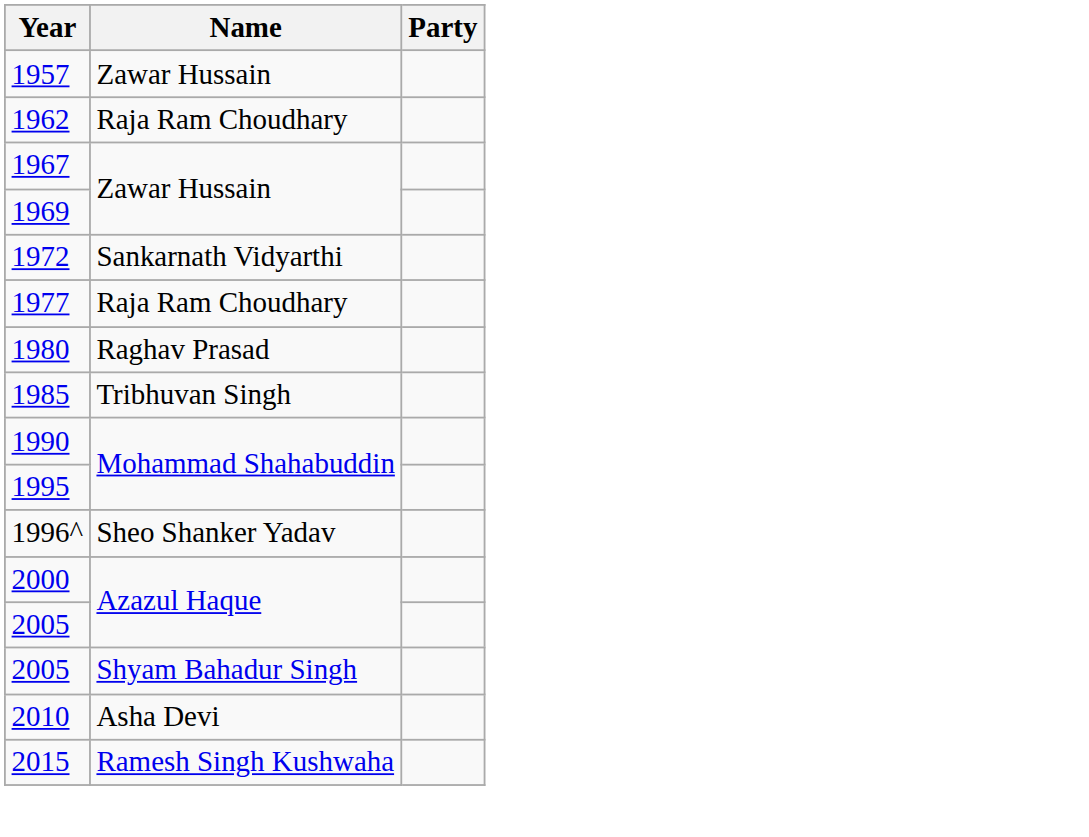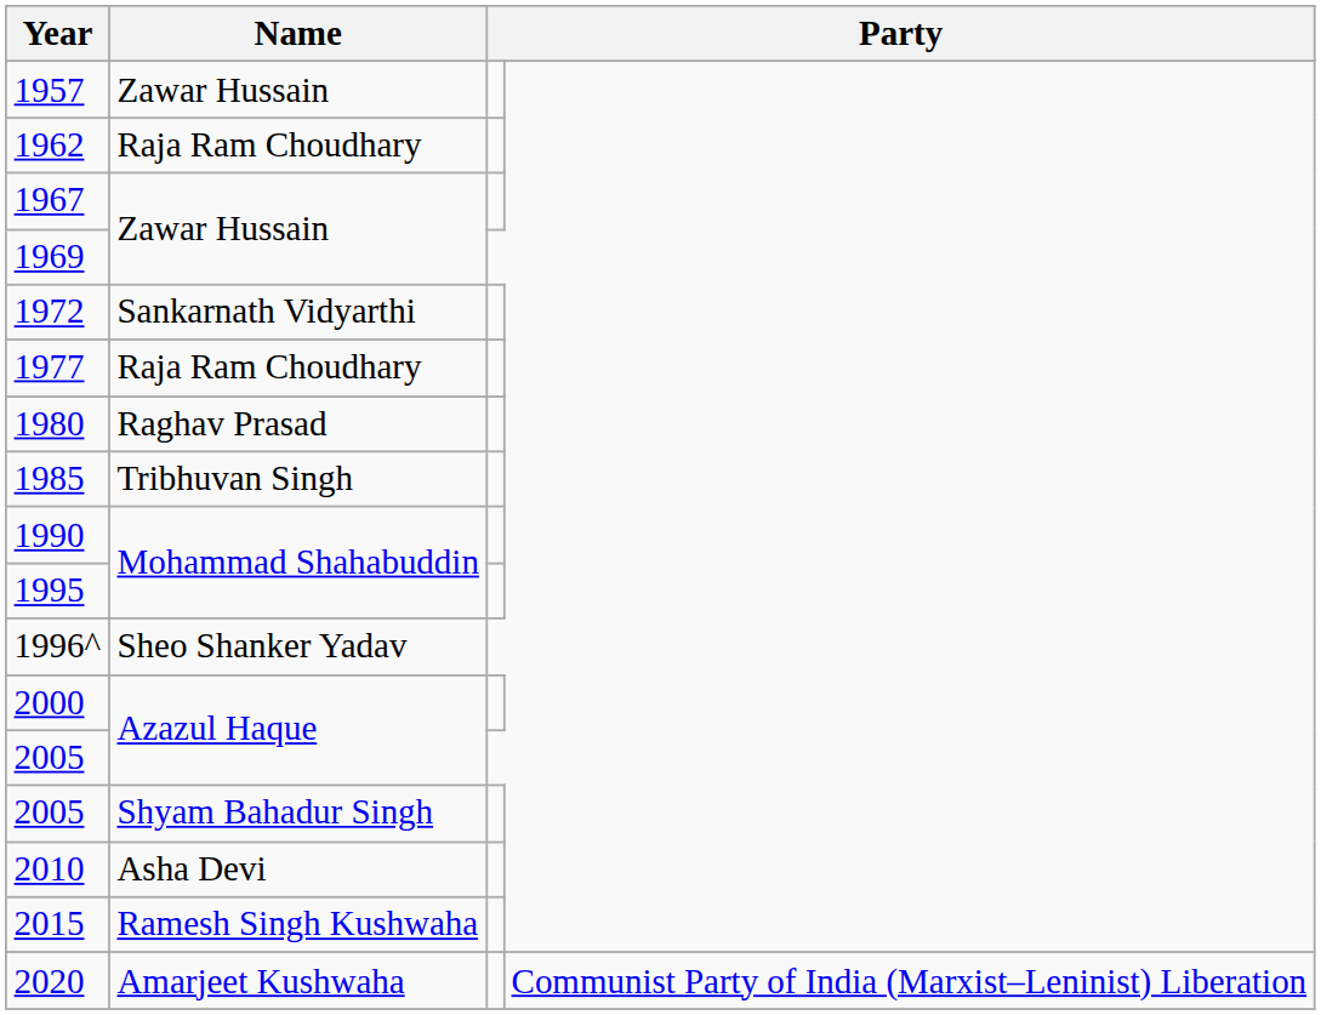 <table class="wikitable sortable">
 <tr>
 <th>Year</th>
 <th>Name</th>
 <th colspan="2">Party</th>
 </tr>
 <tr>
 <td><a href='#'>1957</a></td>
 <td>Zawar Hussain</td>
 <td></td>
 </tr>
 <tr>
 <td><a href='#'>1962</a></td>
 <td>Raja Ram Choudhary</td>
 <td></td>
 </tr>
 <tr>
 <td><a href='#'>1967</a></td>
 <td rowspan="2">Zawar Hussain</td>
 <td></td>
 </tr>
 <tr>
 <td><a href='#'>1969</a></td>
 </tr>
 <tr>
 <td><a href='#'>1972</a></td>
 <td>Sankarnath Vidyarthi</td>
 <td></td>
 </tr>
 <tr>
 <td><a href='#'>1977</a></td>
 <td>Raja Ram Choudhary</td>
 <td></td>
 </tr>
 <tr>
 <td><a href='#'>1980</a></td>
 <td>Raghav Prasad</td>
 <td></td>
 </tr>
 <tr>
 <td><a href='#'>1985</a></td>
 <td>Tribhuvan Singh</td>
 <td></td>
 </tr>
 <tr>
 <td><a href='#'>1990</a></td>
 <td rowspan="2"><a href='#'>Mohammad Shahabuddin</a></td>
 <td></td>
 </tr>
 <tr>
 <td><a href='#'>1995</a></td>
 <td></td>
 </tr>
 <tr>
 <td>1996^</td>
 <td>Sheo Shanker Yadav</td>
 </tr>
 <tr>
 <td><a href='#'>2000</a></td>
 <td rowspan="2"><a href='#'>Azazul Haque</a></td>
 <td></td>
 </tr>
 <tr>
 <td><a href='#'>2005</a></td>
 </tr>
 <tr>
 <td><a href='#'>2005</a></td>
 <td><a href='#'>Shyam Bahadur Singh</a></td>
 <td></td>
 </tr>
 <tr>
 <td><a href='#'>2010</a></td>
 <td>Asha Devi</td>
 <td></td>
 </tr>
 <tr>
 <td><a href='#'>2015</a></td>
 <td><a href='#'>Ramesh Singh Kushwaha</a></td>
 <td></td>
 </tr>
+<tr>
+<td><a href='#'>2020</a></td>
+<td><a href='#'>Amarjeet Kushwaha</a></td>
+<td style="background-color: "></td>
+<td><a href='#'>Communist Party of India (Marxist–Leninist) Liberation</a></td>
+</tr>
 </table>
